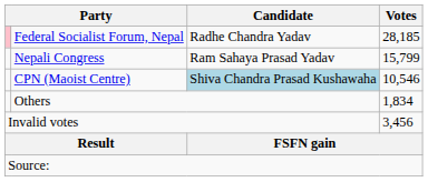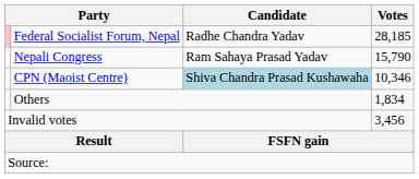 <table class="wikitable">
 <tr>
 <th colspan="2">Party</th>
 <th>Candidate</th>
 <th>Votes</th>
 </tr>
 <tr>
 <td style="background-color:pink"></td>
 <td><a href='#'>Federal Socialist Forum, Nepal</a></td>
 <td>Radhe Chandra Yadav</td>
 <td>28,185</td>
 </tr>
 <tr>
 <td style="background-color:"></td>
 <td><a href='#'>Nepali Congress</a></td>
 <td>Ram Sahaya Prasad Yadav</td>
-<td>15,799</td>
+<td>15,790</td>
 </tr>
 <tr>
 <td style="background-color:"></td>
 <td><a href='#'>CPN (Maoist Centre)</a></td>
 <td style="background: lightblue;">Shiva Chandra Prasad Kushawaha</td>
-<td>10,546</td>
+<td>10,346</td>
 </tr>
 <tr>
 <td></td>
 <td colspan="2">Others</td>
 <td>1,834</td>
 </tr>
 <tr>
 <td colspan="3">Invalid votes</td>
 <td>3,456</td>
 </tr>
 <tr>
 <th colspan="2">Result</th>
 <th colspan="2">FSFN gain</th>
 </tr>
 <tr>
 <td colspan="4">Source: </td>
 </tr>
 </table>
